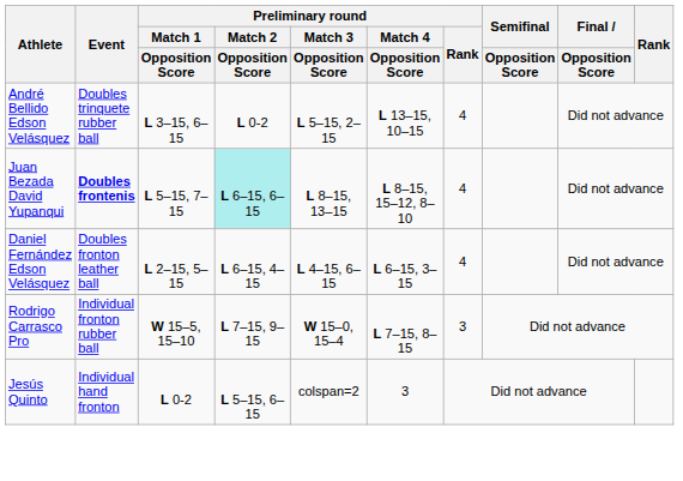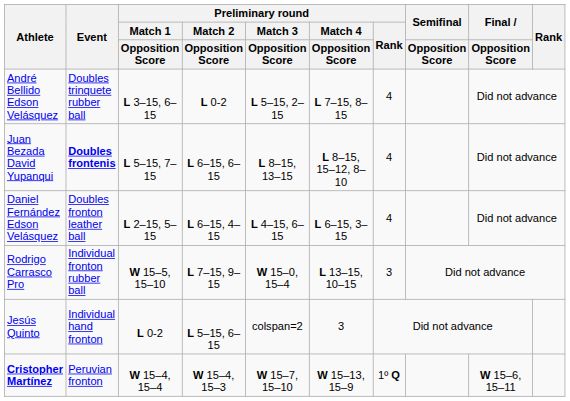 <table class="wikitable" border="1" style="font-size:90%">
 <tr>
 <th rowspan=3>Athlete</th>
 <th rowspan=3>Event</th>
 <th colspan=5>Preliminary round</th>
 <th rowspan=2>Semifinal</th>
 <th rowspan=2>Final / </th>
 <th rowspan=3>Rank</th>
 </tr>
 <tr>
 <th>Match 1</th>
 <th>Match 2</th>
 <th>Match 3</th>
 <th>Match 4</th>
 <th rowspan=2>Rank</th>
 </tr>
 <tr>
 <th>Opposition<br>Score</th>
 <th>Opposition<br>Score</th>
 <th>Opposition<br>Score</th>
 <th>Opposition<br>Score</th>
 <th>Opposition<br>Score</th>
 <th>Opposition<br>Score</th>
 </tr>
 <tr align=center>
 <td style="text-align:left"><a href='#'>André Bellido</a><br><a href='#'>Edson Velásquez</a></td>
 <td style="text-align:left"><a href='#'>Doubles trinquete rubber ball</a></td>
 <td><br><br><strong>L</strong> 3–15, 6–15</td>
 <td><br><strong>L</strong> 0-2</td>
 <td><br><br><strong>L</strong> 5–15, 2–15</td>
-<td><br><strong>L</strong> 13–15, 10–15</td>
+<td><br><br><strong>L</strong> 7–15, 8–15</td>
 <td>4</td>
 <td></td>
 <td colspan=2>Did not advance</td>
 </tr>
 <tr style="text-align:center">
 <td style="text-align:left"><a href='#'>Juan Bezada</a><br><a href='#'>David Yupanqui</a></td>
 <td style="text-align:left"><strong><a href='#'>Doubles frontenis</a></strong></td>
 <td><br><br><strong>L</strong> 5–15, 7–15</td>
-<td style="background: paleturquoise;"><br><br><strong>L</strong> 6–15, 6–15</td>
+<td><br><br><strong>L</strong> 6–15, 6–15</td>
 <td><br><br><strong>L</strong> 8–15, 13–15</td>
 <td><br><br><strong>L</strong> 8–15, 15–12, 8–10</td>
 <td>4</td>
 <td></td>
 <td colspan=2>Did not advance</td>
 </tr>
 <tr style="text-align:center">
 <td style="text-align:left"><a href='#'>Daniel Fernández</a><br><a href='#'>Edson Velásquez</a></td>
 <td style="text-align:left"><a href='#'>Doubles fronton leather ball</a></td>
 <td><br><br><strong>L</strong> 2–15, 5–15</td>
 <td><br><br><strong>L</strong> 6–15, 4–15</td>
 <td><br><br><strong>L</strong> 4–15, 6–15</td>
 <td><br><br><strong>L</strong> 6–15, 3–15</td>
 <td>4</td>
 <td></td>
 <td colspan=2>Did not advance</td>
 </tr>
 <tr style="text-align:center">
 <td style="text-align:left"><a href='#'>Rodrigo Carrasco Pro</a></td>
 <td style="text-align:left"><a href='#'>Individual fronton rubber ball</a></td>
 <td><br><strong>W</strong> 15–5, 15–10</td>
 <td><br><strong>L</strong> 7–15, 9–15</td>
 <td><br><strong>W</strong> 15–0, 15–4</td>
-<td><br><br><strong>L</strong> 7–15, 8–15</td>
+<td><br><strong>L</strong> 13–15, 10–15</td>
 <td>3</td>
 <td colspan=3>Did not advance</td>
 </tr>
 <tr style="text-align:center">
 <td align=left><a href='#'>Jesús Quinto</a></td>
 <td align=left><a href='#'>Individual hand fronton</a></td>
 <td><br><strong>L</strong> 0-2</td>
 <td><br><br><strong>L</strong> 5–15, 6–15</td>
 <td>colspan=2 </td>
 <td>3</td>
 <td colspan=3>Did not advance</td>
 </tr>
+<tr align=center>
+<td style="text-align:left"><strong><a href='#'>Cristopher Martínez</a></strong></td>
+<td style="text-align:left"><a href='#'>Peruvian fronton</a></td>
+<td><br><strong>W</strong> 15–4, 15–4</td>
+<td><br><strong>W</strong> 15–4, 15–3</td>
+<td><br><strong>W</strong> 15–7, 15–10</td>
+<td><br><strong>W</strong> 15–13, 15–9</td>
+<td>1º <strong>Q</strong></td>
+<td></td>
+<td><br><strong>W</strong> 15–6, 15–11</td>
+<td></td>
+</tr>
 </table>
